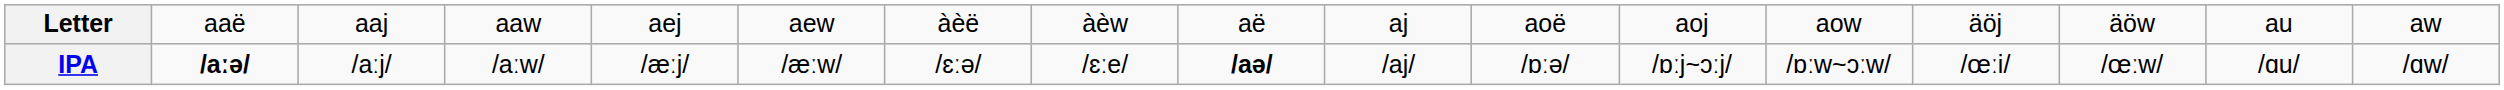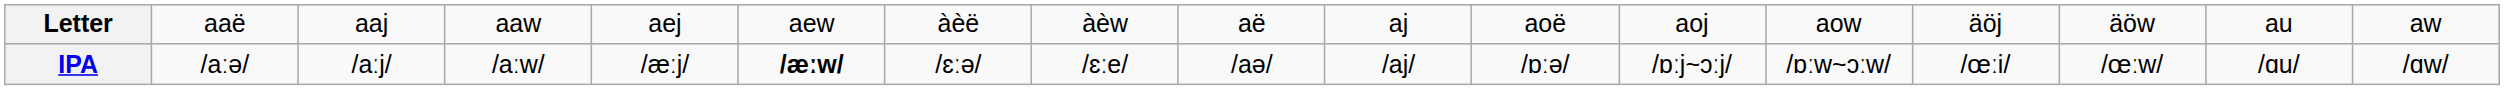 <table class="wikitable" style="table-layout: fixed; width: 100em; text-align: center;">
 <tr>
 <th><strong>Letter</strong></th>
 <td>aaë</td>
 <td>aaj</td>
 <td>aaw</td>
 <td>aej</td>
 <td>aew</td>
 <td>àèë</td>
 <td>àèw</td>
 <td>aë</td>
 <td>aj</td>
 <td>aoë</td>
 <td>aoj</td>
 <td>aow</td>
 <td>äöj</td>
 <td>äöw</td>
 <td>au</td>
 <td>aw</td>
 </tr>
 <tr>
 <th><strong><a href='#'>IPA</a></strong></th>
-<td><strong>/aːə/</strong></td>
+<td>/aːə/</td>
 <td>/aːj/</td>
 <td>/aːw/</td>
 <td>/æːj/</td>
-<td>/æːw/</td>
+<td><strong>/æːw/</strong></td>
 <td>/ɛːə/</td>
 <td>/ɛːe/</td>
-<td><strong>/aə/</strong></td>
+<td>/aə/</td>
 <td>/aj/</td>
 <td>/ɒːə/</td>
 <td>/ɒːj~ɔːj/</td>
 <td>/ɒːw~ɔːw/</td>
 <td>/œːi/</td>
 <td>/œːw/</td>
 <td>/ɑu/</td>
 <td>/ɑw/</td>
 </tr>
 </table>
